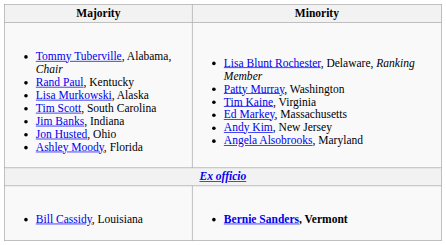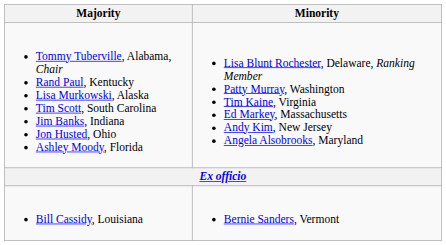 <table class=wikitable>
 <tr>
 <th>Majority</th>
 <th>Minority</th>
 </tr>
 <tr>
 <td><br><ul><li><a href='#'>Tommy Tuberville</a>, Alabama, <em>Chair</em></li><li><a href='#'>Rand Paul</a>, Kentucky</li><li><a href='#'>Lisa Murkowski</a>, Alaska</li><li><a href='#'>Tim Scott</a>, South Carolina</li><li><a href='#'>Jim Banks</a>, Indiana</li><li><a href='#'>Jon Husted</a>, Ohio</li><li><a href='#'>Ashley Moody</a>, Florida</li></ul></td>
 <td><br><ul><li><a href='#'>Lisa Blunt Rochester</a>, Delaware, <em>Ranking Member</em></li><li><a href='#'>Patty Murray</a>, Washington</li><li><a href='#'>Tim Kaine</a>, Virginia</li><li><a href='#'>Ed Markey</a>, Massachusetts</li><li><a href='#'>Andy Kim</a>, New Jersey</li><li><a href='#'>Angela Alsobrooks</a>, Maryland</li></ul></td>
 </tr>
 <tr>
 <th colspan=2><em><a href='#'>Ex officio</a></em></th>
 </tr>
 <tr>
 <td><br><ul><li><a href='#'>Bill Cassidy</a>, Louisiana</li></ul></td>
-<td><strong><br><ul><li><span><a href='#'>Bernie Sanders</a>, Vermont</span></li></ul></strong></td>
+<td><br><ul><li><span><a href='#'>Bernie Sanders</a>, Vermont</span></li></ul></td>
 </tr>
 </table>
